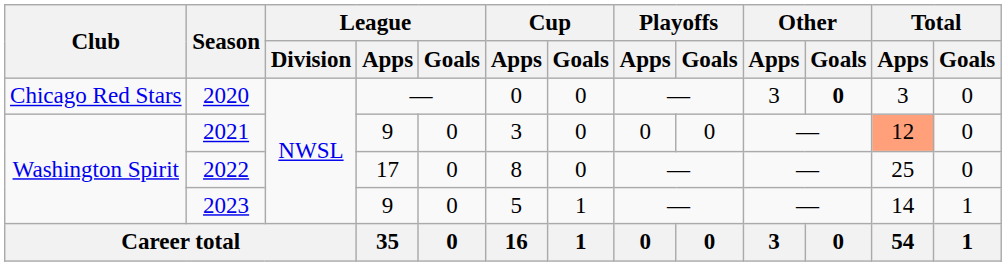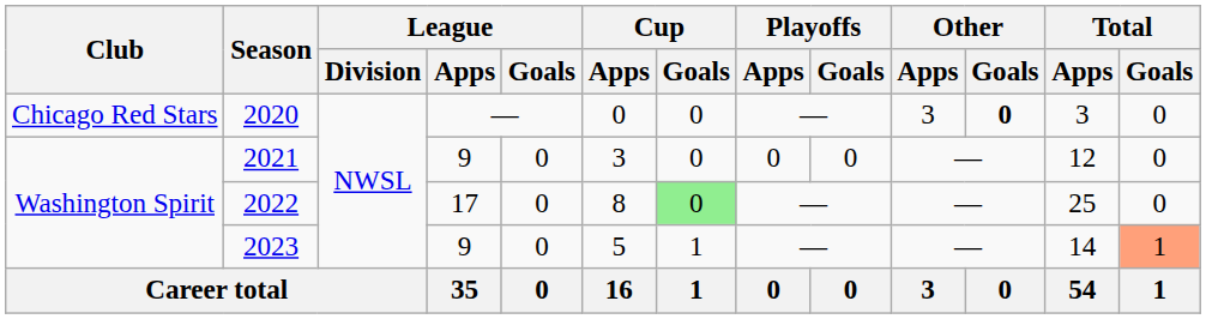 <table class="wikitable" style="text-align:center">
 <tr>
 <th rowspan="2">Club</th>
 <th rowspan="2">Season</th>
 <th colspan="3">League</th>
 <th colspan="2">Cup</th>
 <th colspan="2">Playoffs</th>
 <th colspan="2">Other</th>
 <th colspan="2">Total</th>
 </tr>
 <tr>
 <th>Division</th>
 <th>Apps</th>
 <th>Goals</th>
 <th>Apps</th>
 <th>Goals</th>
 <th>Apps</th>
 <th>Goals</th>
 <th>Apps</th>
 <th>Goals</th>
 <th>Apps</th>
 <th>Goals</th>
 </tr>
 <tr>
 <td><a href='#'>Chicago Red Stars</a></td>
 <td><a href='#'>2020</a></td>
 <td rowspan="4"><a href='#'>NWSL</a></td>
 <td colspan="2">—</td>
 <td>0</td>
 <td>0</td>
 <td colspan="2">—</td>
 <td>3</td>
 <td><strong>0</strong></td>
 <td>3</td>
 <td>0</td>
 </tr>
 <tr>
 <td rowspan="3"><a href='#'>Washington Spirit</a></td>
 <td><a href='#'>2021</a></td>
 <td>9</td>
 <td>0</td>
 <td>3</td>
 <td>0</td>
 <td>0</td>
 <td>0</td>
 <td colspan="2">—</td>
-<td style="background: lightsalmon;">12</td>
+<td>12</td>
 <td>0</td>
 </tr>
 <tr>
 <td><a href='#'>2022</a></td>
 <td>17</td>
 <td>0</td>
 <td>8</td>
-<td>0</td>
+<td style="background: lightgreen;">0</td>
 <td colspan="2">—</td>
 <td colspan="2">—</td>
 <td>25</td>
 <td>0</td>
 </tr>
 <tr>
 <td><a href='#'>2023</a></td>
 <td>9</td>
 <td>0</td>
 <td>5</td>
 <td>1</td>
 <td colspan="2">—</td>
 <td colspan="2">—</td>
 <td>14</td>
-<td>1</td>
+<td style="background: lightsalmon;">1</td>
 </tr>
 <tr>
 <th colspan="3">Career total</th>
 <th>35</th>
 <th>0</th>
 <th>16</th>
 <th>1</th>
 <th>0</th>
 <th>0</th>
 <th>3</th>
 <th>0</th>
 <th>54</th>
 <th>1</th>
 </tr>
 </table>
